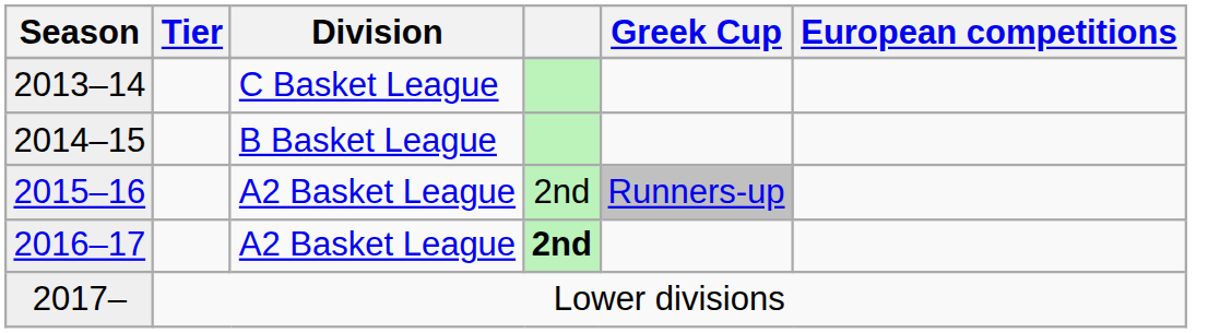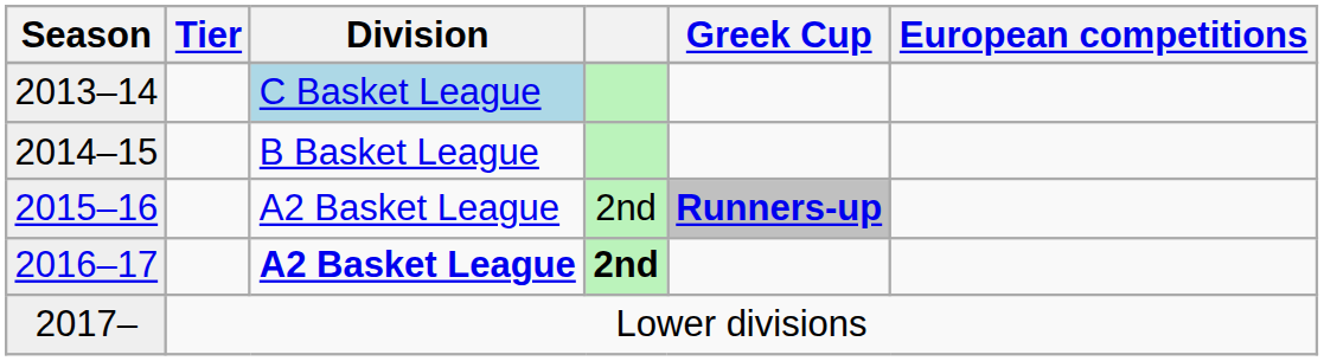 <table class="wikitable" style="font-size:85%; text-align:center">
 <tr>
 <th>Season</th>
 <th><a href='#'>Tier</a></th>
 <th>Division</th>
 <th></th>
 <th><a href='#'>Greek Cup</a></th>
 <th colspan=2><a href='#'>European competitions</a></th>
 </tr>
 <tr>
 </tr>
 <tr>
 <td bgcolor=#efefef>2013–14</td>
 <td></td>
-<td align=left><a href='#'>C Basket League</a></td>
+<td align=left style="background: lightblue;"><a href='#'>C Basket League</a></td>
 <td style="background:#BBF3BB"></td>
 <td></td>
 <td colspan=2></td>
 </tr>
 <tr>
 <td bgcolor=#efefef>2014–15</td>
 <td></td>
 <td align=left><a href='#'>B Basket League</a></td>
 <td style="background:#BBF3BB"></td>
 <td></td>
 <td colspan=3></td>
 </tr>
 <tr>
 <td bgcolor=#efefef><a href='#'>2015–16</a></td>
 <td></td>
 <td align=left><a href='#'>A2 Basket League</a></td>
 <td style="background:#BBF3BB">2nd</td>
-<td bgcolor=silver align=left><a href='#'>Runners-up</a></td>
+<td bgcolor=silver align=left><strong><a href='#'>Runners-up</a></strong></td>
 <td colspan=2></td>
 </tr>
 <tr>
 <td bgcolor=#efefef><a href='#'>2016–17</a></td>
 <td></td>
-<td align=left><a href='#'>A2 Basket League</a></td>
+<td align=left><strong><a href='#'>A2 Basket League</a></strong></td>
 <td style="background:#BBF3BB"><strong>2nd</strong></td>
 <td></td>
 <td colspan=2></td>
 </tr>
 <tr>
 <td bgcolor=#efefef>2017–</td>
 <td colspan=5>Lower divisions</td>
 </tr>
 </table>
